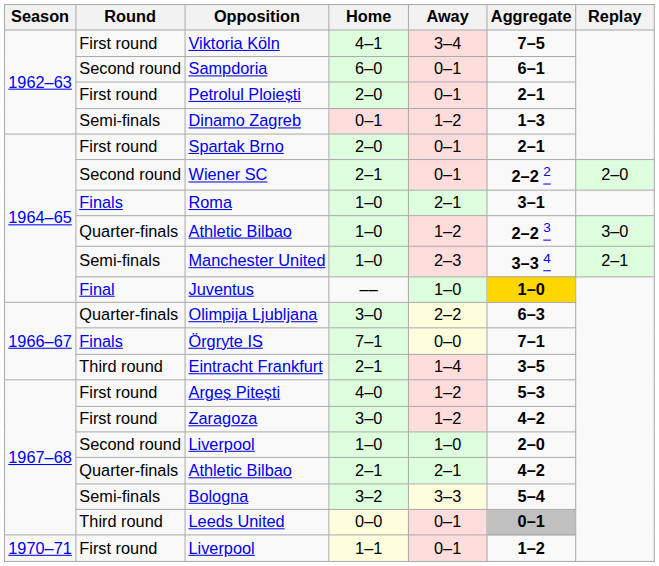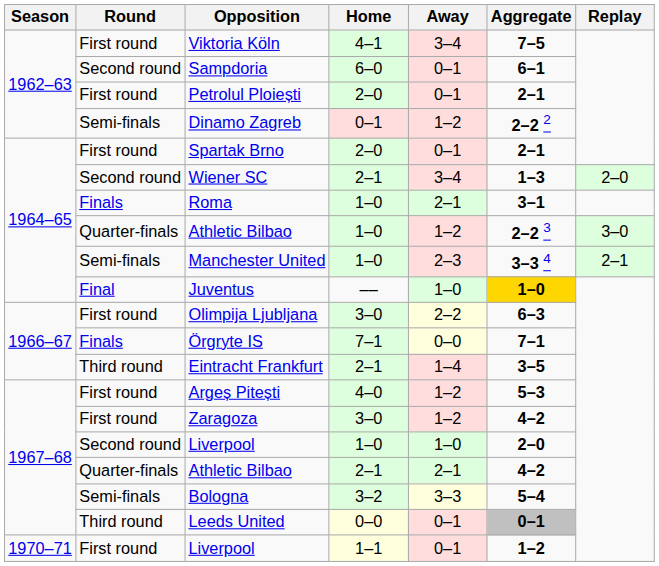 <table class="wikitable">
 <tr>
 <th>Season</th>
 <th>Round</th>
 <th>Opposition</th>
 <th width=70>Home</th>
 <th width=70>Away</th>
 <th width=75>Aggregate</th>
 <th width=70>Replay</th>
 </tr>
 <tr>
 <td rowspan=4><a href='#'>1962–63</a></td>
 <td>First round</td>
 <td> <a href='#'>Viktoria Köln</a></td>
 <td style="text-align:center; background:#dfd;">4–1</td>
 <td style="text-align:center; background:#fdd;">3–4</td>
 <td style="text-align:center;"><strong>7–5</strong></td>
 </tr>
 <tr>
 <td>Second round</td>
 <td> <a href='#'>Sampdoria</a></td>
 <td style="text-align:center; background:#dfd;">6–0</td>
 <td style="text-align:center; background:#fdd;">0–1</td>
 <td style="text-align:center;"><strong>6–1</strong></td>
 </tr>
 <tr>
 <td>First round</td>
 <td> <a href='#'>Petrolul Ploiești</a></td>
 <td style="text-align:center; background:#dfd;">2–0</td>
 <td style="text-align:center; background:#fdd;">0–1</td>
 <td style="text-align:center;"><strong>2–1</strong></td>
 </tr>
 <tr>
 <td>Semi-finals</td>
 <td> <a href='#'>Dinamo Zagreb</a></td>
 <td style="text-align:center; background:#fdd;">0–1</td>
 <td style="text-align:center; background:#fdd;">1–2</td>
-<td style="text-align:center;"><strong>1–3</strong></td>
+<td style="text-align:center;"><strong>2–2</strong> <a href='#'><sup>2</sup></a></td>
 </tr>
 <tr>
 <td rowspan=6><a href='#'>1964–65</a></td>
 <td>First round</td>
 <td> <a href='#'>Spartak Brno</a></td>
 <td style="text-align:center; background:#dfd;">2–0</td>
 <td style="text-align:center; background:#fdd;">0–1</td>
 <td style="text-align:center;"><strong>2–1</strong></td>
 </tr>
 <tr>
 <td>Second round</td>
 <td> <a href='#'>Wiener SC</a></td>
 <td style="text-align:center; background:#dfd;">2–1</td>
-<td style="text-align:center; background:#fdd;">0–1</td>
-<td style="text-align:center;"><strong>2–2</strong> <a href='#'><sup>2</sup></a></td>
+<td style="text-align:center; background:#fdd;">3–4</td>
+<td style="text-align:center;"><strong>1–3</strong></td>
 <td style="text-align:center; background:#dfd;">2–0</td>
 </tr>
 <tr>
 <td><a href='#'>Finals</a></td>
 <td> <a href='#'>Roma</a></td>
 <td style="text-align:center; background:#dfd;">1–0</td>
 <td style="text-align:center; background:#dfd;">2–1</td>
 <td style="text-align:center;"><strong>3–1</strong></td>
 </tr>
 <tr>
 <td>Quarter-finals</td>
 <td> <a href='#'>Athletic Bilbao</a></td>
 <td style="text-align:center; background:#dfd;">1–0</td>
 <td style="text-align:center; background:#fdd;">1–2</td>
 <td style="text-align:center;"><strong>2–2</strong> <a href='#'><sup>3</sup></a></td>
 <td style="text-align:center; background:#dfd;">3–0</td>
 </tr>
 <tr>
 <td>Semi-finals</td>
 <td> <a href='#'>Manchester United</a></td>
 <td style="text-align:center; background:#dfd;">1–0</td>
 <td style="text-align:center; background:#fdd;">2–3</td>
 <td style="text-align:center;"><strong>3–3</strong> <a href='#'><sup>4</sup></a></td>
 <td style="text-align:center; background:#dfd;">2–1</td>
 </tr>
 <tr>
 <td><a href='#'>Final</a></td>
 <td> <a href='#'>Juventus</a></td>
 <td align=center>––</td>
 <td style="text-align:center; background:#dfd;">1–0</td>
 <td bgcolor=Gold style="text-align:center;"><strong>1–0</strong></td>
 </tr>
 <tr>
 <td rowspan=3><a href='#'>1966–67</a></td>
-<td>Quarter-finals</td>
+<td>First round</td>
 <td> <a href='#'>Olimpija Ljubljana</a></td>
 <td style="text-align:center; background:#dfd;">3–0</td>
 <td style="text-align:center; background:#ffd;">2–2</td>
 <td style="text-align:center;"><strong>6–3</strong></td>
 </tr>
 <tr>
 <td><a href='#'>Finals</a></td>
 <td> <a href='#'>Örgryte IS</a></td>
 <td style="text-align:center; background:#dfd;">7–1</td>
 <td style="text-align:center; background:#ffd;">0–0</td>
 <td style="text-align:center;"><strong>7–1</strong></td>
 </tr>
 <tr>
 <td>Third round</td>
 <td> <a href='#'>Eintracht Frankfurt</a></td>
 <td style="text-align:center; background:#dfd;">2–1</td>
 <td style="text-align:center; background:#fdd;">1–4</td>
 <td style="text-align:center;"><strong>3–5</strong></td>
 </tr>
 <tr>
 <td rowspan=6><a href='#'>1967–68</a></td>
 <td>First round</td>
 <td> <a href='#'>Argeș Pitești</a></td>
 <td style="text-align:center; background:#dfd;">4–0</td>
 <td style="text-align:center; background:#fdd;">1–2</td>
 <td style="text-align:center;"><strong>5–3</strong></td>
 </tr>
 <tr>
 <td>First round</td>
 <td> <a href='#'>Zaragoza</a></td>
 <td style="text-align:center; background:#dfd;">3–0</td>
 <td style="text-align:center; background:#fdd;">1–2</td>
 <td style="text-align:center;"><strong>4–2</strong></td>
 </tr>
 <tr>
 <td>Second round</td>
 <td> <a href='#'>Liverpool</a></td>
 <td style="text-align:center; background:#dfd;">1–0</td>
 <td style="text-align:center; background:#dfd;">1–0</td>
 <td style="text-align:center;"><strong>2–0</strong></td>
 </tr>
 <tr>
 <td>Quarter-finals</td>
 <td> <a href='#'>Athletic Bilbao</a></td>
 <td style="text-align:center; background:#dfd;">2–1</td>
 <td style="text-align:center; background:#dfd;">2–1</td>
 <td style="text-align:center;"><strong>4–2</strong></td>
 </tr>
 <tr>
 <td>Semi-finals</td>
 <td> <a href='#'>Bologna</a></td>
 <td style="text-align:center; background:#dfd;">3–2</td>
 <td style="text-align:center; background:#ffd;">3–3</td>
 <td style="text-align:center;"><strong>5–4</strong></td>
 </tr>
 <tr>
 <td>Third round</td>
 <td> <a href='#'>Leeds United</a></td>
 <td style="text-align:center; background:#ffd;">0–0</td>
 <td style="text-align:center; background:#fdd;">0–1</td>
 <td bgcolor=Silver style="text-align:center;"><strong>0–1</strong></td>
 </tr>
 <tr>
 <td><a href='#'>1970–71</a></td>
 <td>First round</td>
 <td> <a href='#'>Liverpool</a></td>
 <td style="text-align:center; background:#ffd;">1–1</td>
 <td style="text-align:center; background:#fdd;">0–1</td>
 <td style="text-align:center;"><strong>1–2</strong></td>
 </tr>
 </table>
